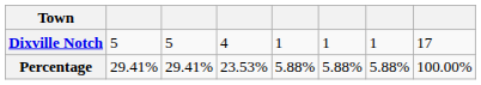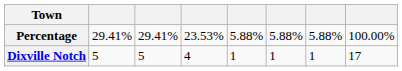 <table class="wikitable sortable" style=margin:auto;margin:auto>
 <tr valign=bottom>
 <th>Town</th>
 <th></th>
 <th></th>
 <th></th>
 <th></th>
 <th></th>
 <th></th>
 <th></th>
 </tr>
 <tr>
+<th>Percentage</th>
+<td>29.41%</td>
+<td>29.41%</td>
+<td>23.53%</td>
+<td>5.88%</td>
+<td>5.88%</td>
+<td>5.88%</td>
+<td>100.00%</td>
+</tr>
+<tr>
 <th><a href='#'>Dixville Notch</a></th>
 <td>5</td>
 <td>5</td>
 <td>4</td>
 <td>1</td>
 <td>1</td>
 <td>1</td>
 <td>17</td>
 </tr>
-<tr>
-<th>Percentage</th>
-<td>29.41%</td>
-<td>29.41%</td>
-<td>23.53%</td>
-<td>5.88%</td>
-<td>5.88%</td>
-<td>5.88%</td>
-<td>100.00%</td>
-</tr>
 </table>
